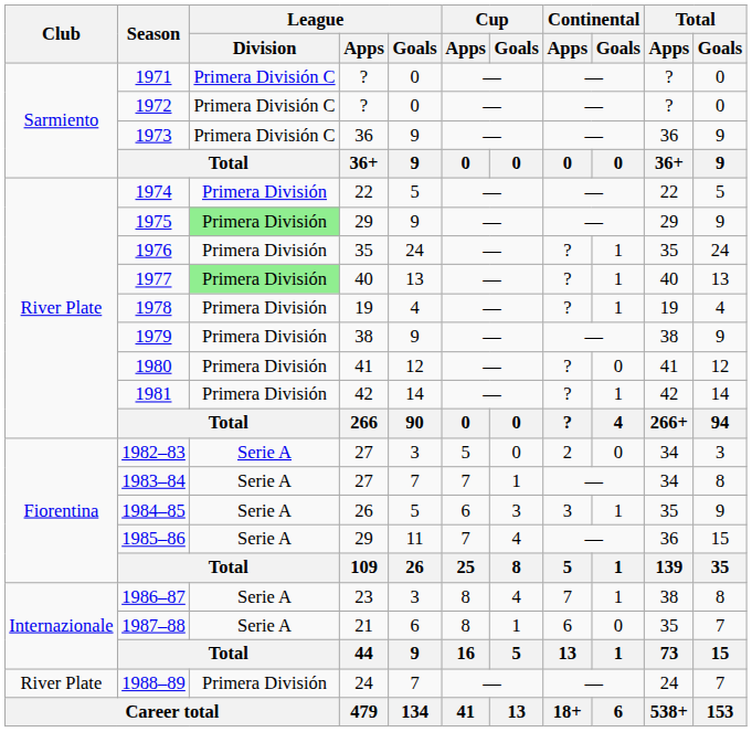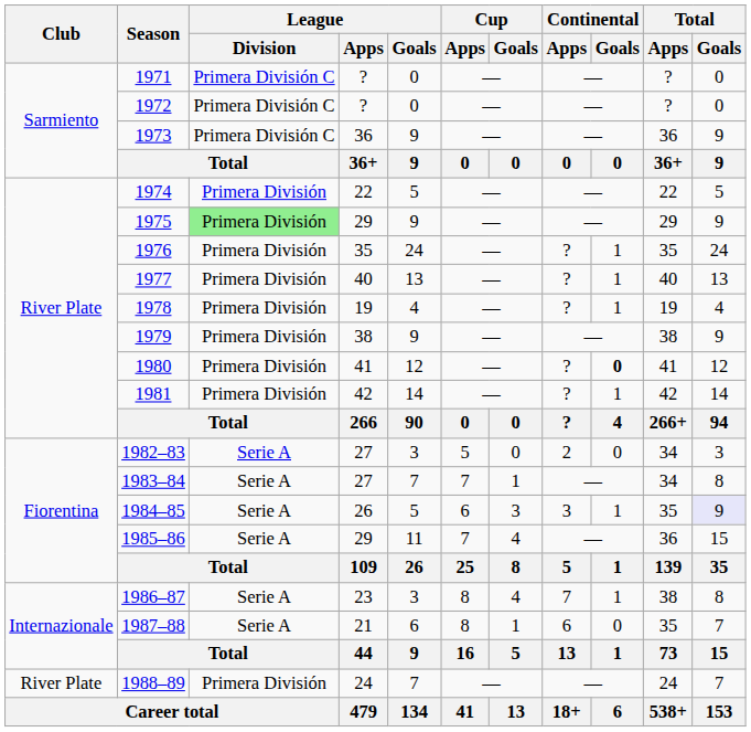 <table class="wikitable" style="text-align:center">
 <tr>
 <th rowspan="2">Club</th>
 <th rowspan="2">Season</th>
 <th colspan="3">League</th>
 <th colspan="2">Cup</th>
 <th colspan="2">Continental</th>
 <th colspan="2">Total</th>
 </tr>
 <tr>
 <th>Division</th>
 <th>Apps</th>
 <th>Goals</th>
 <th>Apps</th>
 <th>Goals</th>
 <th>Apps</th>
 <th>Goals</th>
 <th>Apps</th>
 <th>Goals</th>
 </tr>
 <tr>
 <td rowspan="4"><a href='#'>Sarmiento</a></td>
 <td><a href='#'>1971</a></td>
 <td><a href='#'>Primera División C</a></td>
 <td>?</td>
 <td>0</td>
 <td colspan="2">—</td>
 <td colspan="2">—</td>
 <td>?</td>
 <td>0</td>
 </tr>
 <tr>
 <td><a href='#'>1972</a></td>
 <td>Primera División C</td>
 <td>?</td>
 <td>0</td>
 <td colspan="2">—</td>
 <td colspan="2">—</td>
 <td>?</td>
 <td>0</td>
 </tr>
 <tr>
 <td><a href='#'>1973</a></td>
 <td>Primera División C</td>
 <td>36</td>
 <td>9</td>
 <td colspan="2">—</td>
 <td colspan="2">—</td>
 <td>36</td>
 <td>9</td>
 </tr>
 <tr>
 <th colspan="2">Total</th>
 <th>36+</th>
 <th>9</th>
 <th>0</th>
 <th>0</th>
 <th>0</th>
 <th>0</th>
 <th>36+</th>
 <th>9</th>
 </tr>
 <tr>
 <td rowspan="9"><a href='#'>River Plate</a></td>
 <td><a href='#'>1974</a></td>
 <td><a href='#'>Primera División</a></td>
 <td>22</td>
 <td>5</td>
 <td colspan="2">—</td>
 <td colspan="2">—</td>
 <td>22</td>
 <td>5</td>
 </tr>
 <tr>
 <td><a href='#'>1975</a></td>
 <td style="background: lightgreen;">Primera División</td>
 <td>29</td>
 <td>9</td>
 <td colspan="2">—</td>
 <td colspan="2">—</td>
 <td>29</td>
 <td>9</td>
 </tr>
 <tr>
 <td><a href='#'>1976</a></td>
 <td>Primera División</td>
 <td>35</td>
 <td>24</td>
 <td colspan="2">—</td>
 <td>?</td>
 <td>1</td>
 <td>35</td>
 <td>24</td>
 </tr>
 <tr>
 <td><a href='#'>1977</a></td>
-<td style="background: lightgreen;">Primera División</td>
+<td>Primera División</td>
 <td>40</td>
 <td>13</td>
 <td colspan="2">—</td>
 <td>?</td>
 <td>1</td>
 <td>40</td>
 <td>13</td>
 </tr>
 <tr>
 <td><a href='#'>1978</a></td>
 <td>Primera División</td>
 <td>19</td>
 <td>4</td>
 <td colspan="2">—</td>
 <td>?</td>
 <td>1</td>
 <td>19</td>
 <td>4</td>
 </tr>
 <tr>
 <td><a href='#'>1979</a></td>
 <td>Primera División</td>
 <td>38</td>
 <td>9</td>
 <td colspan="2">—</td>
 <td colspan="2">—</td>
 <td>38</td>
 <td>9</td>
 </tr>
 <tr>
 <td><a href='#'>1980</a></td>
 <td>Primera División</td>
 <td>41</td>
 <td>12</td>
 <td colspan="2">—</td>
 <td>?</td>
-<td>0</td>
+<td><strong>0</strong></td>
 <td>41</td>
 <td>12</td>
 </tr>
 <tr>
 <td><a href='#'>1981</a></td>
 <td>Primera División</td>
 <td>42</td>
 <td>14</td>
 <td colspan="2">—</td>
 <td>?</td>
 <td>1</td>
 <td>42</td>
 <td>14</td>
 </tr>
 <tr>
 <th colspan="2">Total</th>
 <th>266</th>
 <th>90</th>
 <th>0</th>
 <th>0</th>
 <th>?</th>
 <th>4</th>
 <th>266+</th>
 <th>94</th>
 </tr>
 <tr>
 <td rowspan="5"><a href='#'>Fiorentina</a></td>
 <td><a href='#'>1982–83</a></td>
 <td><a href='#'>Serie A</a></td>
 <td>27</td>
 <td>3</td>
 <td>5</td>
 <td>0</td>
 <td>2</td>
 <td>0</td>
 <td>34</td>
 <td>3</td>
 </tr>
 <tr>
 <td><a href='#'>1983–84</a></td>
 <td>Serie A</td>
 <td>27</td>
 <td>7</td>
 <td>7</td>
 <td>1</td>
 <td colspan="2">—</td>
 <td>34</td>
 <td>8</td>
 </tr>
 <tr>
 <td><a href='#'>1984–85</a></td>
 <td>Serie A</td>
 <td>26</td>
 <td>5</td>
 <td>6</td>
 <td>3</td>
 <td>3</td>
 <td>1</td>
 <td>35</td>
-<td>9</td>
+<td style="background: lavender;">9</td>
 </tr>
 <tr>
 <td><a href='#'>1985–86</a></td>
 <td>Serie A</td>
 <td>29</td>
 <td>11</td>
 <td>7</td>
 <td>4</td>
 <td colspan="2">—</td>
 <td>36</td>
 <td>15</td>
 </tr>
 <tr>
 <th colspan="2">Total</th>
 <th>109</th>
 <th>26</th>
 <th>25</th>
 <th>8</th>
 <th>5</th>
 <th>1</th>
 <th>139</th>
 <th>35</th>
 </tr>
 <tr>
 <td rowspan="3"><a href='#'>Internazionale</a></td>
 <td><a href='#'>1986–87</a></td>
 <td>Serie A</td>
 <td>23</td>
 <td>3</td>
 <td>8</td>
 <td>4</td>
 <td>7</td>
 <td>1</td>
 <td>38</td>
 <td>8</td>
 </tr>
 <tr>
 <td><a href='#'>1987–88</a></td>
 <td>Serie A</td>
 <td>21</td>
 <td>6</td>
 <td>8</td>
 <td>1</td>
 <td>6</td>
 <td>0</td>
 <td>35</td>
 <td>7</td>
 </tr>
 <tr>
 <th colspan="2">Total</th>
 <th>44</th>
 <th>9</th>
 <th>16</th>
 <th>5</th>
 <th>13</th>
 <th>1</th>
 <th>73</th>
 <th>15</th>
 </tr>
 <tr>
 <td>River Plate</td>
 <td><a href='#'>1988–89</a></td>
 <td>Primera División</td>
 <td>24</td>
 <td>7</td>
 <td colspan="2">—</td>
 <td colspan="2">—</td>
 <td>24</td>
 <td>7</td>
 </tr>
 <tr>
 <th colspan="3">Career total</th>
 <th>479</th>
 <th>134</th>
 <th>41</th>
 <th>13</th>
 <th>18+</th>
 <th>6</th>
 <th>538+</th>
 <th>153</th>
 </tr>
 </table>
